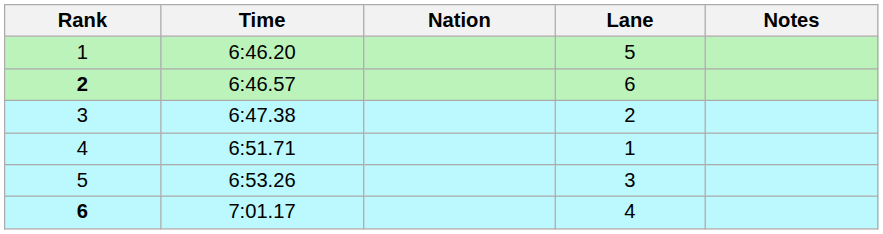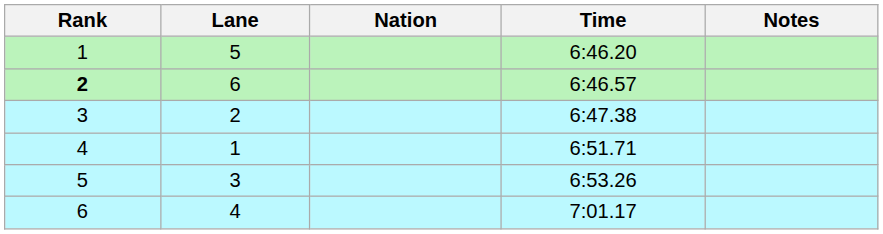 <table class="wikitable sortable" style="text-align:center; width: 35%;">
 <tr>
 <th>Rank</th>
+<th>Lane</th>
+<th>Nation</th>
 <th>Time</th>
-<th>Nation</th>
-<th>Lane</th>
 <th>Notes</th>
 </tr>
 <tr bgcolor=bbf3bb>
 <td>1</td>
+<td>5</td>
+<td align=left></td>
 <td>6:46.20</td>
-<td align=left></td>
-<td>5</td>
 <td></td>
 </tr>
 <tr bgcolor=bbf3bb>
 <td><strong>2</strong></td>
+<td>6</td>
+<td align=left></td>
 <td>6:46.57</td>
-<td align=left></td>
-<td>6</td>
 <td></td>
 </tr>
 <tr bgcolor=bbf9ff>
 <td>3</td>
+<td>2</td>
+<td align=left></td>
 <td>6:47.38</td>
-<td align=left></td>
-<td>2</td>
 <td></td>
 </tr>
 <tr bgcolor=bbf9ff>
 <td>4</td>
+<td>1</td>
+<td align=left></td>
 <td>6:51.71</td>
-<td align=left></td>
-<td>1</td>
 <td></td>
 </tr>
 <tr bgcolor=bbf9ff>
 <td>5</td>
+<td>3</td>
+<td align=left></td>
 <td>6:53.26</td>
-<td align=left></td>
-<td>3</td>
 <td></td>
 </tr>
 <tr bgcolor=bbf9ff>
-<td><strong>6</strong></td>
+<td>6</td>
+<td>4</td>
+<td align=left></td>
 <td>7:01.17</td>
-<td align=left></td>
-<td>4</td>
 <td></td>
 </tr>
 </table>
